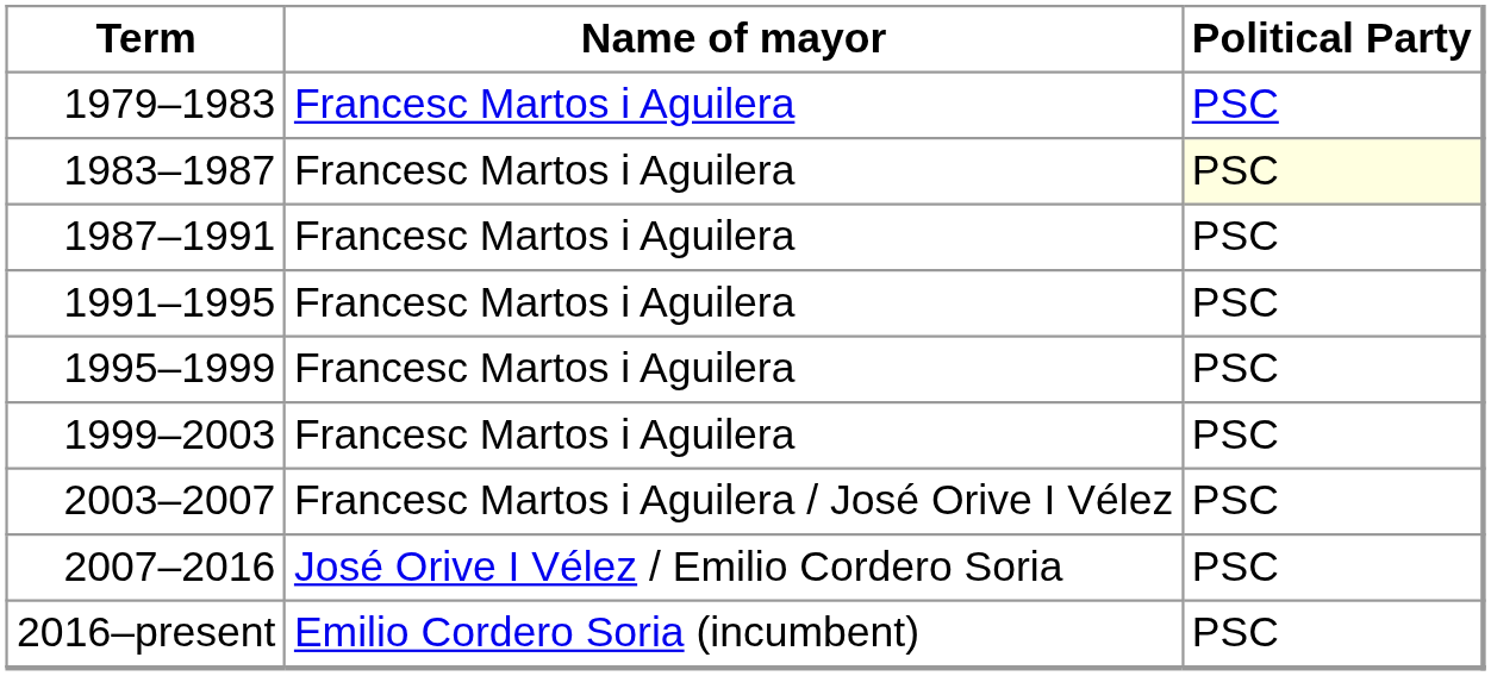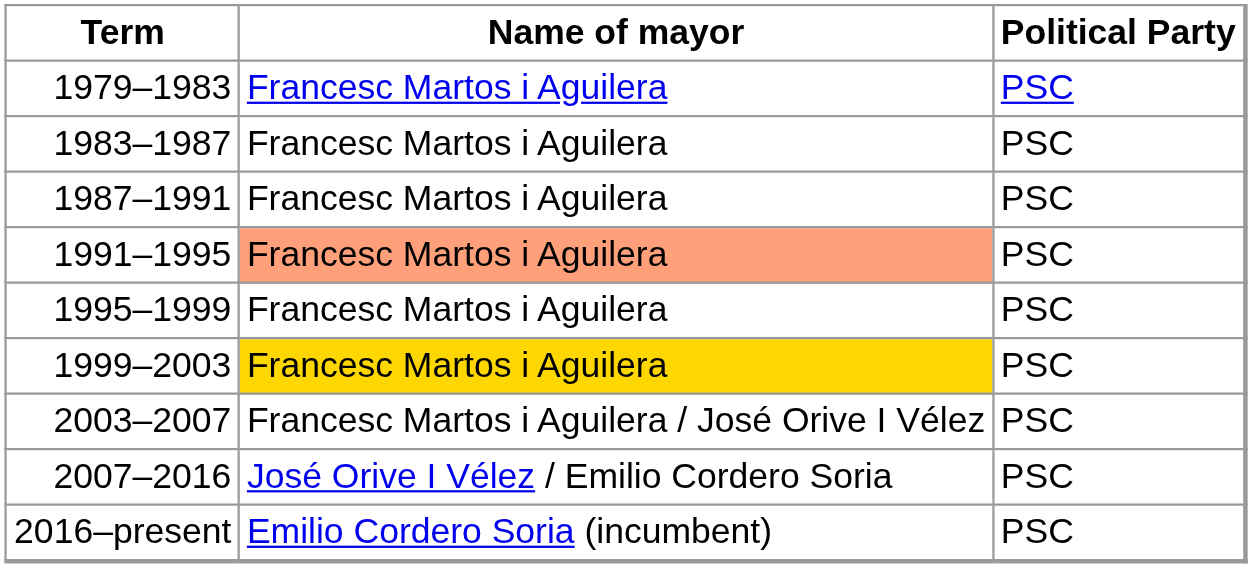 <table align="center" rules="all" cellspacing="0" cellpadding="3" style="border: 1px solid #999; border-right: 2px solid #999; border-bottom:2px solid #999">
 <tr>
 <th>Term</th>
 <th>Name of mayor</th>
 <th>Political Party</th>
 </tr>
 <tr>
 <td align=right>1979–1983</td>
 <td><a href='#'>Francesc Martos i Aguilera</a></td>
 <td><a href='#'>PSC</a></td>
 </tr>
 <tr>
 <td align=right>1983–1987</td>
 <td>Francesc Martos i Aguilera</td>
-<td style="background: lightyellow;">PSC</td>
+<td>PSC</td>
 </tr>
 <tr>
 <td align=right>1987–1991</td>
 <td>Francesc Martos i Aguilera</td>
 <td>PSC</td>
 </tr>
 <tr>
 <td align=right>1991–1995</td>
-<td>Francesc Martos i Aguilera</td>
+<td style="background: lightsalmon;">Francesc Martos i Aguilera</td>
 <td>PSC</td>
 </tr>
 <tr>
 <td align=right>1995–1999</td>
 <td>Francesc Martos i Aguilera</td>
 <td>PSC</td>
 </tr>
 <tr>
 <td align=right>1999–2003</td>
-<td>Francesc Martos i Aguilera</td>
+<td style="background: gold;">Francesc Martos i Aguilera</td>
 <td>PSC</td>
 </tr>
 <tr>
 <td align=right>2003–2007</td>
 <td>Francesc Martos i Aguilera / José Orive I Vélez</td>
 <td>PSC</td>
 </tr>
 <tr>
 <td align=right>2007–2016</td>
 <td><a href='#'>José Orive I Vélez</a> / Emilio Cordero Soria</td>
 <td>PSC</td>
 </tr>
 <tr>
 <td align=right>2016–present</td>
 <td><a href='#'>Emilio Cordero Soria</a> (incumbent)</td>
 <td>PSC</td>
 </tr>
 <tr>
 </tr>
 </table>
